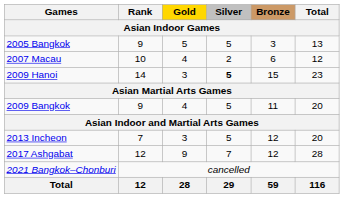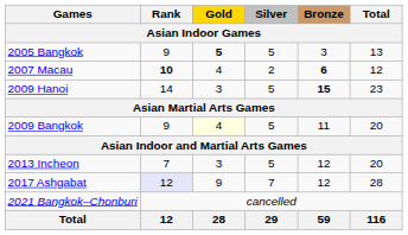 <table class="wikitable sortable" style="margin-top:0em; text-align:center; font-size:100%;">
 <tr>
 <th>Games</th>
 <th style="width:4em;">Rank</th>
 <th style="background:gold; width:4em;"><strong>Gold</strong></th>
 <th style="background:silver; width:4em;"><strong>Silver</strong></th>
 <th style="background:#cc9966; width:4em;"><strong>Bronze</strong></th>
 <th style="width:4em;">Total</th>
 </tr>
 <tr>
 <th colspan=6><strong>Asian Indoor Games</strong></th>
 </tr>
 <tr>
 <td align=left> <a href='#'>2005 Bangkok</a></td>
 <td>9</td>
-<td>5</td>
+<td><strong>5</strong></td>
 <td>5</td>
 <td>3</td>
 <td>13</td>
 </tr>
 <tr>
 <td align=left> <a href='#'>2007 Macau</a></td>
-<td>10</td>
+<td><strong>10</strong></td>
 <td>4</td>
 <td>2</td>
-<td>6</td>
+<td><strong>6</strong></td>
 <td>12</td>
 </tr>
 <tr>
 <td align=left> <a href='#'>2009 Hanoi</a></td>
 <td>14</td>
 <td>3</td>
-<td><strong>5</strong></td>
-<td>15</td>
+<td>5</td>
+<td><strong>15</strong></td>
 <td>23</td>
 </tr>
 <tr>
 <th colspan=6><strong>Asian Martial Arts Games</strong></th>
 </tr>
 <tr>
 <td align=left> <a href='#'>2009 Bangkok</a></td>
 <td>9</td>
-<td>4</td>
+<td style="background: lightyellow;">4</td>
 <td>5</td>
 <td>11</td>
 <td>20</td>
 </tr>
 <tr>
 <th colspan=6><strong>Asian Indoor and Martial Arts Games</strong></th>
 </tr>
 <tr>
 <td align=left> <a href='#'>2013 Incheon</a></td>
 <td>7</td>
 <td>3</td>
 <td>5</td>
 <td>12</td>
 <td>20</td>
 </tr>
 <tr>
 <td align=left> <a href='#'>2017 Ashgabat</a></td>
-<td>12</td>
+<td style="background: lavender;">12</td>
 <td>9</td>
 <td>7</td>
 <td>12</td>
 <td>28</td>
 </tr>
 <tr>
 <td align=left> <em><a href='#'>2021 Bangkok–Chonburi</a></em></td>
 <td colspan=5><em>cancelled</em></td>
 </tr>
 <tr>
 <th>Total</th>
 <th>12</th>
 <th>28</th>
 <th>29</th>
 <th>59</th>
 <th>116</th>
 </tr>
 </table>
